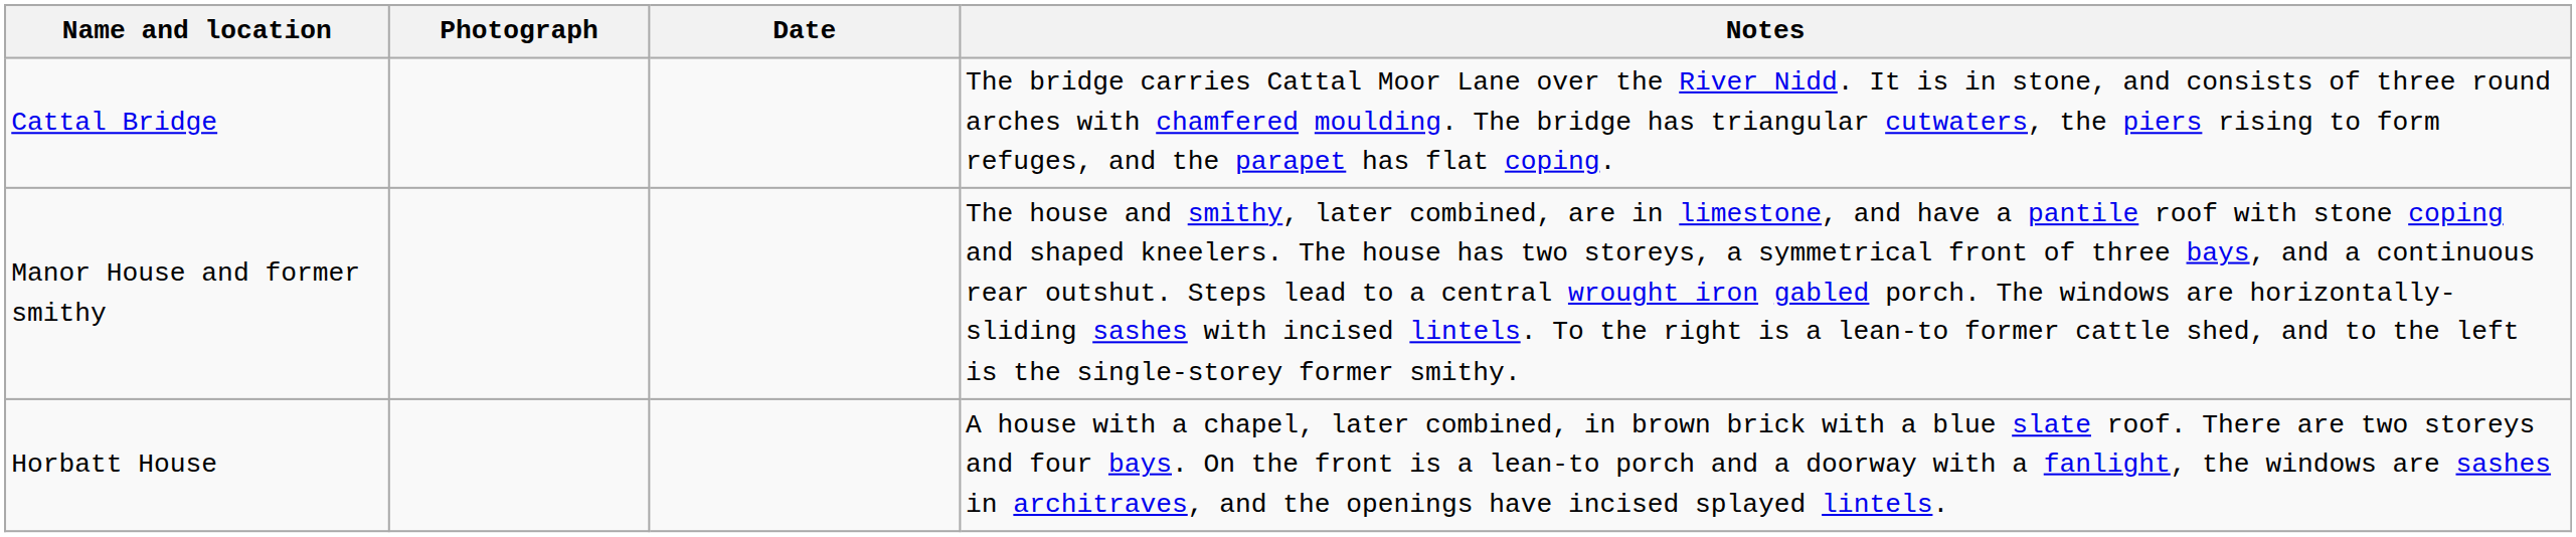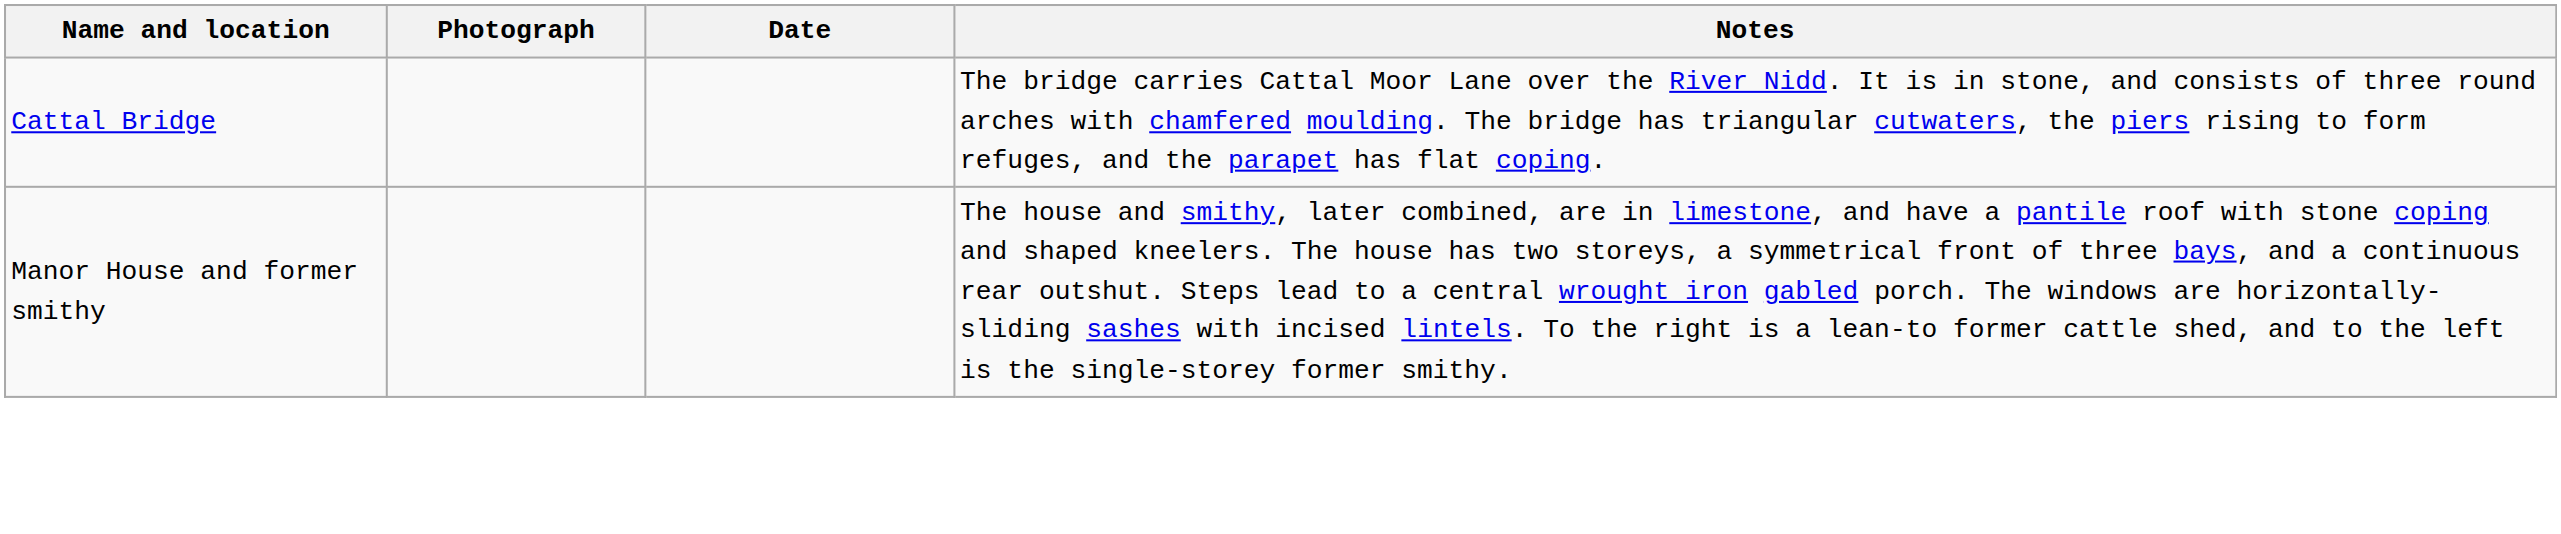 <table class="wikitable sortable plainrowheaders" style="width:100%;border:0px;text-align:left;line-height:150%;">
 <tr>
 <th scope="col"  style="width:150px">Name and location</th>
 <th scope="col"  style="width:100px" class="unsortable">Photograph</th>
 <th scope="col"  style="width:120px">Date</th>
 <th scope="col"  style="width:650px" class="unsortable">Notes</th>
 </tr>
 <tr>
 <td><a href='#'>Cattal Bridge</a><br><small></small></td>
 <td></td>
 <td align="center"></td>
 <td>The bridge carries Cattal Moor Lane over the <a href='#'>River Nidd</a>.  It is in stone, and consists of three round arches with <a href='#'>chamfered</a> <a href='#'>moulding</a>.  The bridge has triangular <a href='#'>cutwaters</a>, the <a href='#'>piers</a> rising to form refuges, and the <a href='#'>parapet</a> has flat <a href='#'>coping</a>.</td>
 </tr>
 <tr>
 <td>Manor House and former smithy<br><small></small></td>
 <td></td>
 <td align="center"></td>
 <td>The house and <a href='#'>smithy</a>, later combined, are in <a href='#'>limestone</a>, and have a <a href='#'>pantile</a> roof with stone <a href='#'>coping</a> and shaped kneelers.  The house has two storeys, a symmetrical front of three <a href='#'>bays</a>, and a continuous rear outshut.  Steps lead to a central <a href='#'>wrought iron</a> <a href='#'>gabled</a> porch.  The windows are horizontally-sliding <a href='#'>sashes</a> with incised <a href='#'>lintels</a>.  To the right is a lean-to former cattle shed, and to the left is the single-storey former smithy.</td>
 </tr>
 <tr>
-<td>Horbatt House<br><small></small></td>
-<td></td>
-<td align="center"></td>
-<td>A house with a chapel, later combined, in brown brick with a blue <a href='#'>slate</a> roof.  There are two storeys and four <a href='#'>bays</a>.  On the front is a lean-to porch and a doorway with a <a href='#'>fanlight</a>, the windows are <a href='#'>sashes</a> in <a href='#'>architraves</a>, and the openings have incised splayed <a href='#'>lintels</a>.</td>
-</tr>
-<tr>
 </tr>
 </table>
